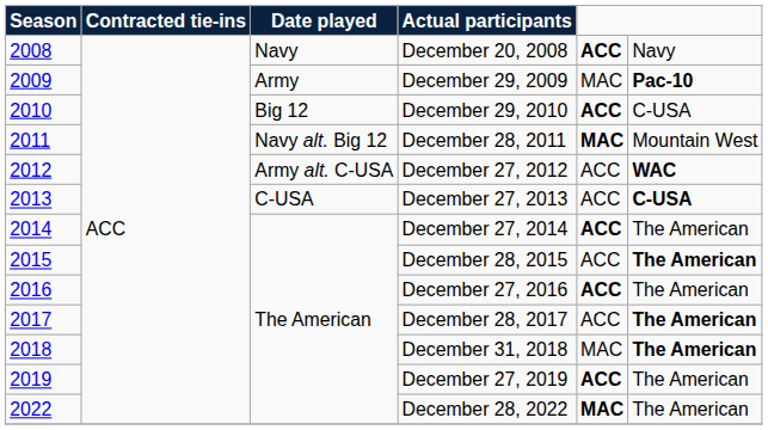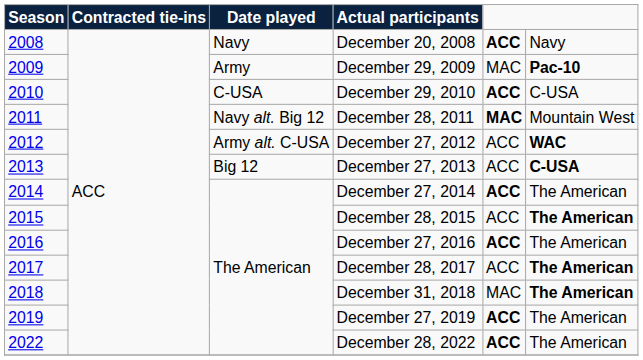 <table class="wikitable mw-collapsible mw-collapsed" style="font-size: 95%;">
 <tr>
 <th style="background:#0A2240; color:#FFFFFF; ">Season</th>
 <th style="background:#0A2240; color:#FFFFFF; ">Contracted tie-ins</th>
 <th style="background:#0A2240; color:#FFFFFF; ">Date played</th>
 <th style="background:#0A2240; color:#FFFFFF; ">Actual participants</th>
 </tr>
 <tr>
 <td><a href='#'>2008</a></td>
 <td rowspan="13">ACC</td>
 <td>Navy</td>
 <td>December 20, 2008</td>
 <td><strong>ACC</strong></td>
 <td>Navy</td>
 </tr>
 <tr>
 <td><a href='#'>2009</a></td>
 <td>Army</td>
 <td>December 29, 2009</td>
 <td>MAC</td>
 <td><strong>Pac-10</strong></td>
 </tr>
 <tr>
 <td><a href='#'>2010</a></td>
-<td>Big 12</td>
+<td>C-USA</td>
 <td>December 29, 2010</td>
 <td><strong>ACC</strong></td>
 <td>C-USA</td>
 </tr>
 <tr>
 <td><a href='#'>2011</a></td>
 <td>Navy <em>alt.</em> Big 12</td>
 <td>December 28, 2011</td>
 <td><strong>MAC</strong></td>
 <td>Mountain West</td>
 </tr>
 <tr>
 <td><a href='#'>2012</a></td>
 <td>Army <em>alt.</em> C-USA</td>
 <td>December 27, 2012</td>
 <td>ACC</td>
 <td><strong>WAC</strong></td>
 </tr>
 <tr>
 <td><a href='#'>2013</a></td>
-<td>C-USA</td>
+<td>Big 12</td>
 <td>December 27, 2013</td>
 <td>ACC</td>
 <td><strong>C-USA</strong></td>
 </tr>
 <tr>
 <td><a href='#'>2014</a></td>
 <td rowspan="7">The American</td>
 <td>December 27, 2014</td>
 <td><strong>ACC</strong></td>
 <td>The American</td>
 </tr>
 <tr>
 <td><a href='#'>2015</a></td>
 <td>December 28, 2015</td>
 <td>ACC</td>
 <td><strong>The American</strong></td>
 </tr>
 <tr>
 <td><a href='#'>2016</a></td>
 <td>December 27, 2016</td>
 <td><strong>ACC</strong></td>
 <td>The American</td>
 </tr>
 <tr>
 <td><a href='#'>2017</a></td>
 <td>December 28, 2017</td>
 <td>ACC</td>
 <td><strong>The American</strong></td>
 </tr>
 <tr>
 <td><a href='#'>2018</a></td>
 <td>December 31, 2018</td>
 <td>MAC</td>
 <td><strong>The American</strong></td>
 </tr>
 <tr>
 <td><a href='#'>2019</a></td>
 <td>December 27, 2019</td>
 <td><strong>ACC</strong></td>
 <td>The American</td>
 </tr>
 <tr>
 <td><a href='#'>2022</a></td>
 <td>December 28, 2022</td>
-<td><strong>MAC</strong></td>
+<td><strong>ACC</strong></td>
 <td>The American</td>
 </tr>
 <tr>
 </tr>
 </table>
